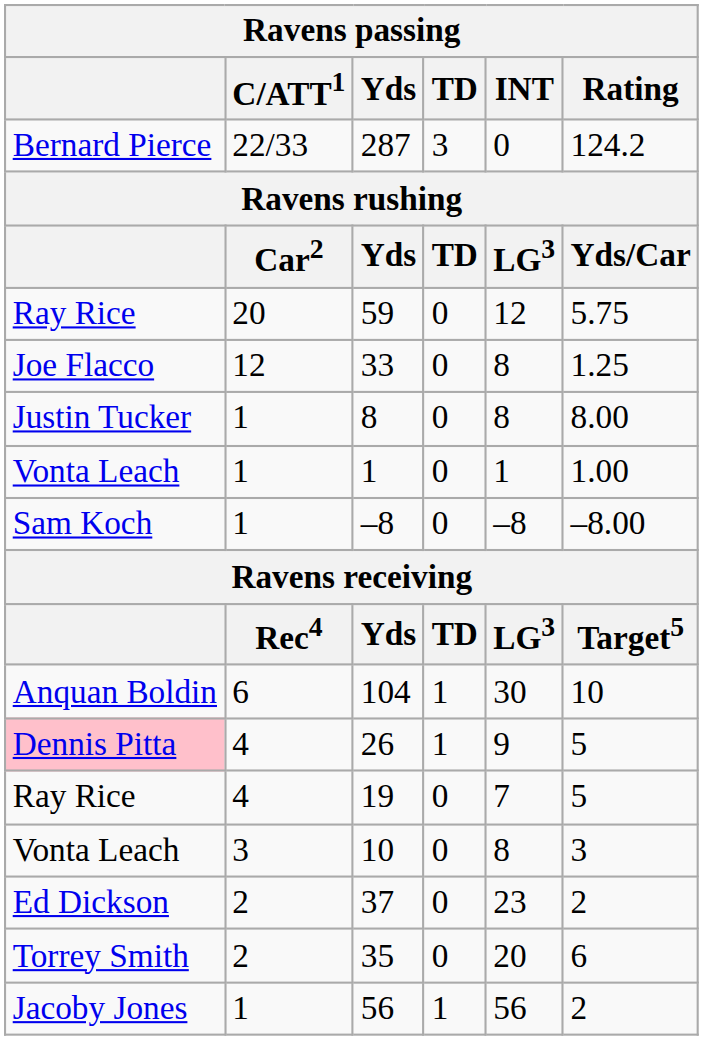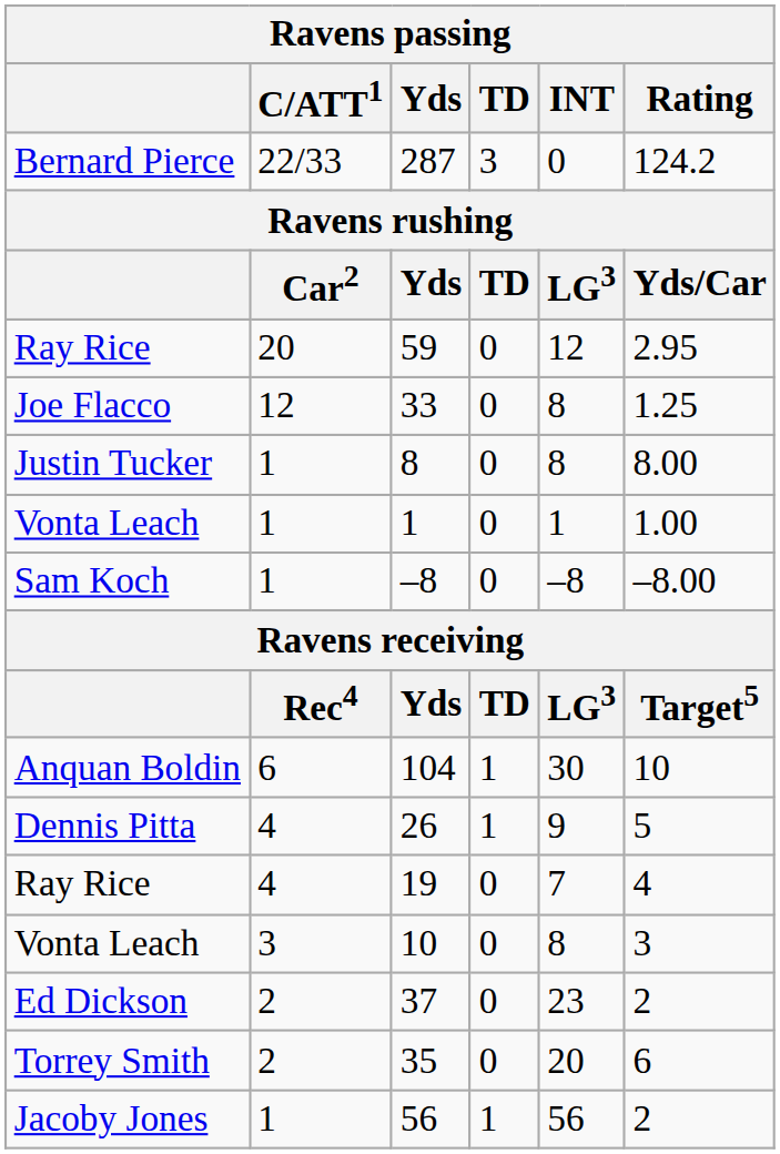 <table class="wikitable">
 <tr>
 <th colspan="6">Ravens passing</th>
 </tr>
 <tr>
 <th></th>
 <th>C/ATT<sup>1</sup></th>
 <th>Yds</th>
 <th>TD</th>
 <th>INT</th>
 <th>Rating</th>
 </tr>
 <tr>
 <td><a href='#'>Bernard Pierce</a></td>
 <td>22/33</td>
 <td>287</td>
 <td>3</td>
 <td>0</td>
 <td>124.2</td>
 </tr>
 <tr>
 <th colspan="6">Ravens rushing</th>
 </tr>
 <tr>
 <th></th>
 <th>Car<sup>2</sup></th>
 <th>Yds</th>
 <th>TD</th>
 <th>LG<sup>3</sup></th>
 <th>Yds/Car</th>
 </tr>
 <tr>
 <td><a href='#'>Ray Rice</a></td>
 <td>20</td>
 <td>59</td>
 <td>0</td>
 <td>12</td>
-<td>5.75</td>
+<td>2.95</td>
 </tr>
 <tr>
 <td><a href='#'>Joe Flacco</a></td>
 <td>12</td>
 <td>33</td>
 <td>0</td>
 <td>8</td>
 <td>1.25</td>
 </tr>
 <tr>
 <td><a href='#'>Justin Tucker</a></td>
 <td>1</td>
 <td>8</td>
 <td>0</td>
 <td>8</td>
 <td>8.00</td>
 </tr>
 <tr>
 <td><a href='#'>Vonta Leach</a></td>
 <td>1</td>
 <td>1</td>
 <td>0</td>
 <td>1</td>
 <td>1.00</td>
 </tr>
 <tr>
 <td><a href='#'>Sam Koch</a></td>
 <td>1</td>
 <td>–8</td>
 <td>0</td>
 <td>–8</td>
 <td>–8.00</td>
 </tr>
 <tr>
 <th colspan="6">Ravens receiving</th>
 </tr>
 <tr>
 <th></th>
 <th>Rec<sup>4</sup></th>
 <th>Yds</th>
 <th>TD</th>
 <th>LG<sup>3</sup></th>
 <th>Target<sup>5</sup></th>
 </tr>
 <tr>
 <td><a href='#'>Anquan Boldin</a></td>
 <td>6</td>
 <td>104</td>
 <td>1</td>
 <td>30</td>
 <td>10</td>
 </tr>
 <tr>
-<td style="background: pink;"><a href='#'>Dennis Pitta</a></td>
+<td><a href='#'>Dennis Pitta</a></td>
 <td>4</td>
 <td>26</td>
 <td>1</td>
 <td>9</td>
 <td>5</td>
 </tr>
 <tr>
 <td>Ray Rice</td>
 <td>4</td>
 <td>19</td>
 <td>0</td>
 <td>7</td>
-<td>5</td>
+<td>4</td>
 </tr>
 <tr>
 <td>Vonta Leach</td>
 <td>3</td>
 <td>10</td>
 <td>0</td>
 <td>8</td>
 <td>3</td>
 </tr>
 <tr>
 <td><a href='#'>Ed Dickson</a></td>
 <td>2</td>
 <td>37</td>
 <td>0</td>
 <td>23</td>
 <td>2</td>
 </tr>
 <tr>
 <td><a href='#'>Torrey Smith</a></td>
 <td>2</td>
 <td>35</td>
 <td>0</td>
 <td>20</td>
 <td>6</td>
 </tr>
 <tr>
 <td><a href='#'>Jacoby Jones</a></td>
 <td>1</td>
 <td>56</td>
 <td>1</td>
 <td>56</td>
 <td>2</td>
 </tr>
 </table>
